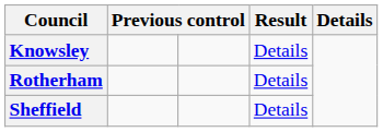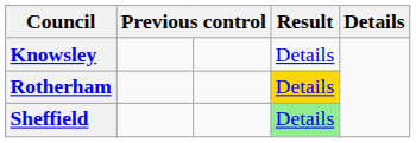 <table class="wikitable">
 <tr>
 <th scope="col">Council</th>
 <th colspan=2>Previous control</th>
 <th colspan=2>Result</th>
 <th>Details</th>
 </tr>
 <tr>
 <th scope="row" style="text-align: left;"><a href='#'>Knowsley</a></th>
 <td></td>
 <td></td>
 <td><a href='#'>Details</a></td>
 </tr>
 <tr>
 <th scope="row" style="text-align: left;"><a href='#'>Rotherham</a></th>
 <td></td>
 <td></td>
-<td><a href='#'>Details</a></td>
+<td style="background: gold;"><a href='#'>Details</a></td>
 </tr>
 <tr>
 <th scope="row" style="text-align: left;"><a href='#'>Sheffield</a></th>
 <td></td>
 <td></td>
-<td><a href='#'>Details</a></td>
+<td style="background: lightgreen;"><a href='#'>Details</a></td>
 </tr>
 </table>
